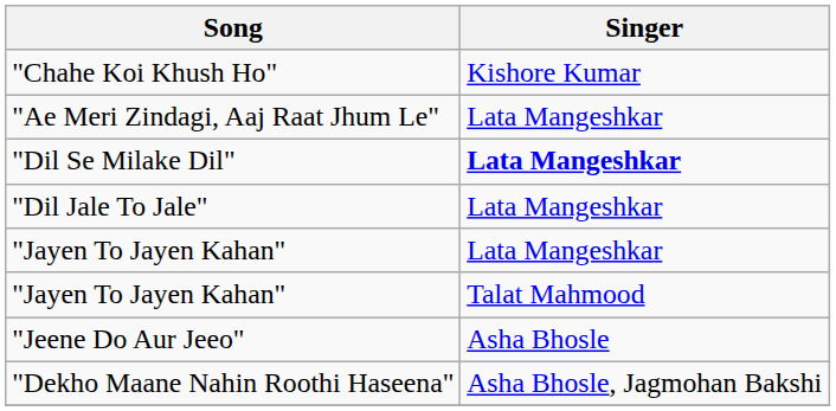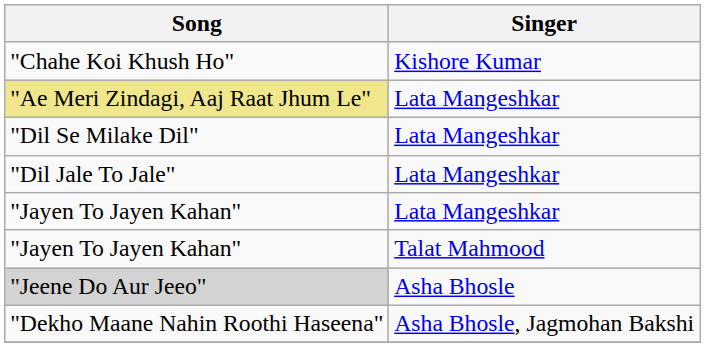 <table class="wikitable">
 <tr>
 <th>Song</th>
 <th>Singer</th>
 </tr>
 <tr>
 <td>"Chahe Koi Khush Ho"</td>
 <td><a href='#'>Kishore Kumar</a></td>
 </tr>
 <tr>
-<td>"Ae Meri Zindagi, Aaj Raat Jhum Le"</td>
+<td style="background: khaki;">"Ae Meri Zindagi, Aaj Raat Jhum Le"</td>
 <td><a href='#'>Lata Mangeshkar</a></td>
 </tr>
 <tr>
 <td>"Dil Se Milake Dil"</td>
-<td><strong><a href='#'>Lata Mangeshkar</a></strong></td>
+<td><a href='#'>Lata Mangeshkar</a></td>
 </tr>
 <tr>
 <td>"Dil Jale To Jale"</td>
 <td><a href='#'>Lata Mangeshkar</a></td>
 </tr>
 <tr>
 <td>"Jayen To Jayen Kahan"</td>
 <td><a href='#'>Lata Mangeshkar</a></td>
 </tr>
 <tr>
 <td>"Jayen To Jayen Kahan"</td>
 <td><a href='#'>Talat Mahmood</a></td>
 </tr>
 <tr>
-<td>"Jeene Do Aur Jeeo"</td>
+<td style="background: lightgrey;">"Jeene Do Aur Jeeo"</td>
 <td><a href='#'>Asha Bhosle</a></td>
 </tr>
 <tr>
 <td>"Dekho Maane Nahin Roothi Haseena"</td>
 <td><a href='#'>Asha Bhosle</a>, Jagmohan Bakshi</td>
 </tr>
 <tr>
 </tr>
 </table>
